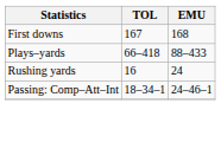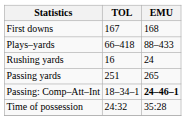 <table class="wikitable" style="float: left;">
 <tr>
 <th>Statistics</th>
 <th>TOL</th>
 <th>EMU</th>
 </tr>
 <tr>
 <td>First downs</td>
 <td>167</td>
 <td>168</td>
 </tr>
 <tr>
 <td>Plays–yards</td>
 <td>66–418</td>
 <td>88–433</td>
 </tr>
 <tr>
 <td>Rushing yards</td>
 <td>16</td>
 <td>24</td>
 </tr>
 <tr>
+<td>Passing yards</td>
+<td>251</td>
+<td>265</td>
+</tr>
+<tr>
 <td>Passing: Comp–Att–Int</td>
 <td>18–34–1</td>
-<td>24–46–1</td>
+<td><strong>24–46–1</strong></td>
+</tr>
+<tr>
+<td>Time of possession</td>
+<td>24:32</td>
+<td>35:28</td>
 </tr>
 <tr>
 </tr>
 </table>
